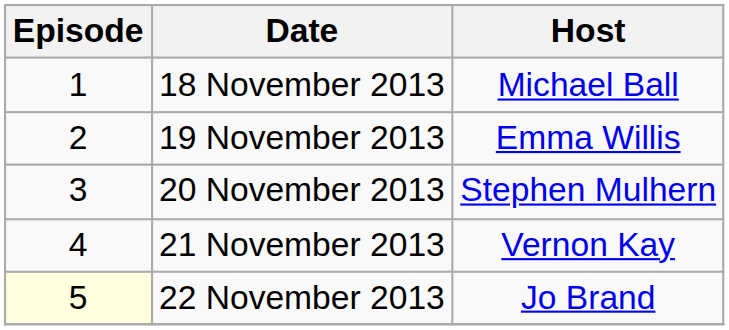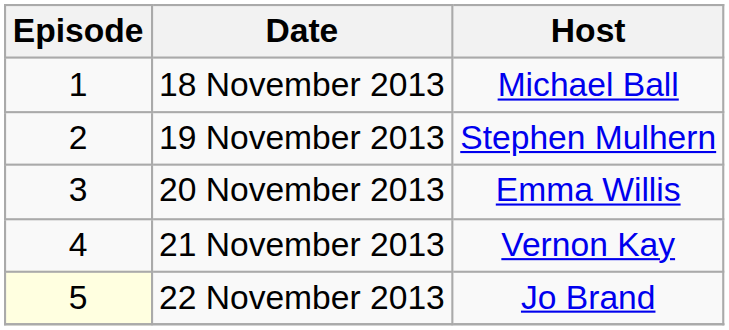 <table class="wikitable" style="text-align:center;">
 <tr>
 <th>Episode</th>
 <th>Date</th>
 <th>Host</th>
 </tr>
 <tr>
 <td>1</td>
 <td>18 November 2013</td>
 <td><a href='#'>Michael Ball</a></td>
 </tr>
 <tr>
 <td>2</td>
 <td>19 November 2013</td>
-<td><a href='#'>Emma Willis</a></td>
+<td><a href='#'>Stephen Mulhern</a></td>
 </tr>
 <tr>
 <td>3</td>
 <td>20 November 2013</td>
-<td><a href='#'>Stephen Mulhern</a></td>
+<td><a href='#'>Emma Willis</a></td>
 </tr>
 <tr>
 <td>4</td>
 <td>21 November 2013</td>
 <td><a href='#'>Vernon Kay</a></td>
 </tr>
 <tr>
 <td style="background: lightyellow;">5</td>
 <td>22 November 2013</td>
 <td><a href='#'>Jo Brand</a></td>
 </tr>
 <tr>
 </tr>
 </table>
